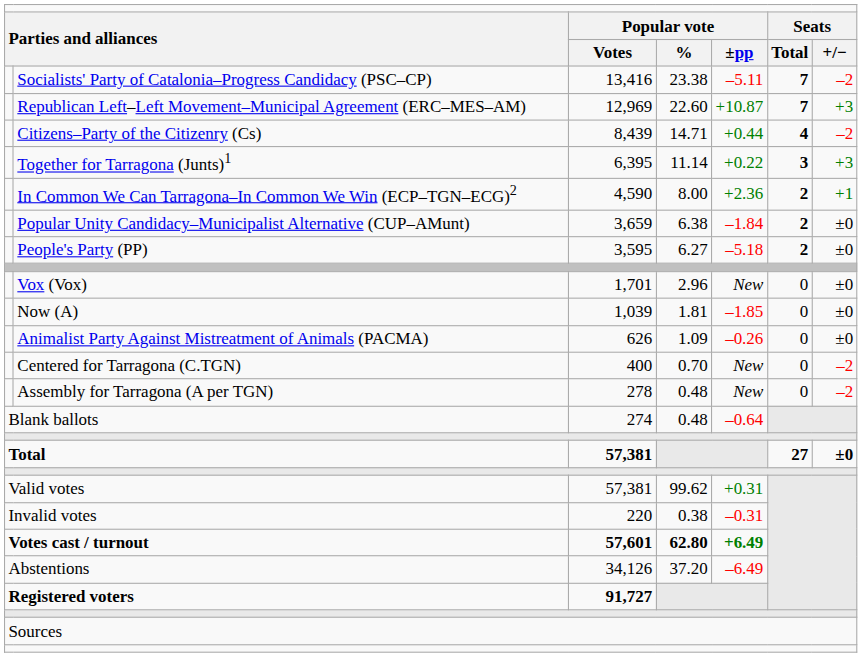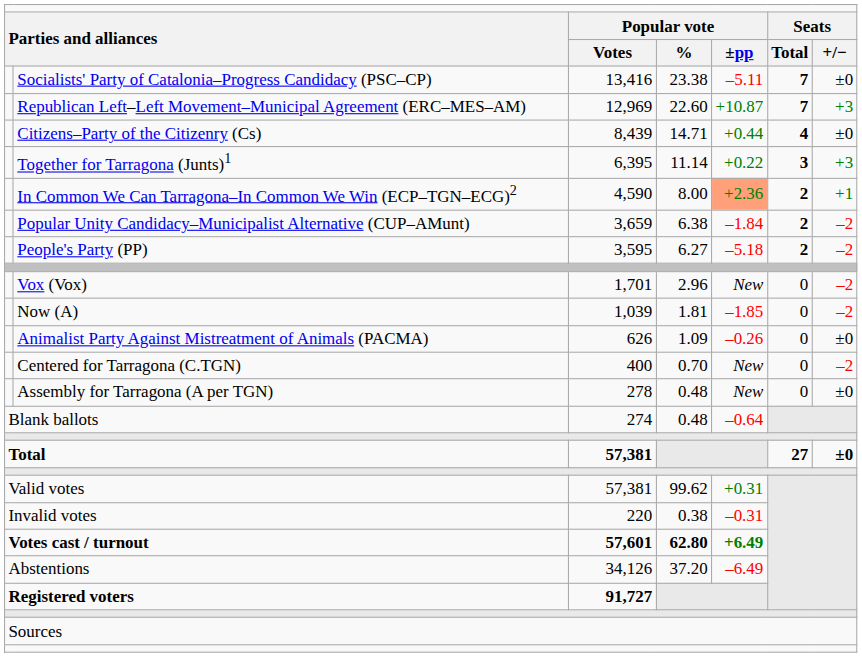 <table class="wikitable" style="text-align:right;">
 <tr>
 <td colspan="7"></td>
 </tr>
 <tr>
 <th style="text-align:left;" rowspan="2" colspan="2" width="525">Parties and alliances</th>
 <th colspan="3">Popular vote</th>
 <th colspan="2">Seats</th>
 </tr>
 <tr>
 <th width="75">Votes</th>
 <th width="45">%</th>
 <th width="45">±<a href='#'>pp</a></th>
 <th width="35">Total</th>
 <th width="35">+/−</th>
 </tr>
 <tr>
 <td width="1" style="color:inherit;background:"></td>
 <td align="left"><a href='#'>Socialists' Party of Catalonia–Progress Candidacy</a> (PSC–CP)</td>
 <td>13,416</td>
 <td>23.38</td>
 <td style="color:red;">–5.11</td>
 <td><strong>7</strong></td>
-<td style="color:red;">–2</td>
+<td>±0</td>
 </tr>
 <tr>
 <td style="color:inherit;background:"></td>
 <td align="left"><a href='#'>Republican Left</a>–<a href='#'>Left Movement–Municipal Agreement</a> (ERC–MES–AM)</td>
 <td>12,969</td>
 <td>22.60</td>
 <td style="color:green;">+10.87</td>
 <td><strong>7</strong></td>
 <td style="color:green;">+3</td>
 </tr>
 <tr>
 <td style="color:inherit;background:"></td>
 <td align="left"><a href='#'>Citizens–Party of the Citizenry</a> (Cs)</td>
 <td>8,439</td>
 <td>14.71</td>
 <td style="color:green;">+0.44</td>
 <td><strong>4</strong></td>
-<td style="color:red;">–2</td>
+<td>±0</td>
 </tr>
 <tr>
 <td style="color:inherit;background:"></td>
 <td align="left"><a href='#'>Together for Tarragona</a> (Junts)<sup>1</sup></td>
 <td>6,395</td>
 <td>11.14</td>
 <td style="color:green;">+0.22</td>
 <td><strong>3</strong></td>
 <td style="color:green;">+3</td>
 </tr>
 <tr>
 <td style="color:inherit;background:"></td>
 <td align="left"><a href='#'>In Common We Can Tarragona–In Common We Win</a> (ECP–TGN–ECG)<sup>2</sup></td>
 <td>4,590</td>
 <td>8.00</td>
-<td style="color:green;">+2.36</td>
+<td style="background: lightsalmon; color:green;">+2.36</td>
 <td><strong>2</strong></td>
 <td style="color:green;">+1</td>
 </tr>
 <tr>
 <td style="color:inherit;background:"></td>
 <td align="left"><a href='#'>Popular Unity Candidacy–Municipalist Alternative</a> (CUP–AMunt)</td>
 <td>3,659</td>
 <td>6.38</td>
 <td style="color:red;">–1.84</td>
 <td><strong>2</strong></td>
-<td>±0</td>
+<td style="color:red;">–2</td>
 </tr>
 <tr>
 <td style="color:inherit;background:"></td>
 <td align="left"><a href='#'>People's Party</a> (PP)</td>
 <td>3,595</td>
 <td>6.27</td>
 <td style="color:red;">–5.18</td>
 <td><strong>2</strong></td>
-<td>±0</td>
+<td style="color:red;">–2</td>
 </tr>
 <tr>
 <td colspan="7" bgcolor="#C0C0C0"></td>
 </tr>
 <tr>
 <td style="color:inherit;background:"></td>
 <td align="left"><a href='#'>Vox</a> (Vox)</td>
 <td>1,701</td>
 <td>2.96</td>
 <td><em>New</em></td>
 <td>0</td>
-<td>±0</td>
+<td style="color:red;">–2</td>
 </tr>
 <tr>
 <td style="color:inherit;background:"></td>
 <td align="left">Now (A)</td>
 <td>1,039</td>
 <td>1.81</td>
 <td style="color:red;">–1.85</td>
 <td>0</td>
-<td>±0</td>
+<td style="color:red;">–2</td>
 </tr>
 <tr>
 <td style="color:inherit;background:"></td>
 <td align="left"><a href='#'>Animalist Party Against Mistreatment of Animals</a> (PACMA)</td>
 <td>626</td>
 <td>1.09</td>
 <td style="color:red;">–0.26</td>
 <td>0</td>
 <td>±0</td>
 </tr>
 <tr>
 <td style="color:inherit;background:"></td>
 <td align="left">Centered for Tarragona (C.TGN)</td>
 <td>400</td>
 <td>0.70</td>
 <td><em>New</em></td>
 <td>0</td>
 <td style="color:red;">–2</td>
 </tr>
 <tr>
 <td style="color:inherit;background:"></td>
 <td align="left">Assembly for Tarragona (A per TGN)</td>
 <td>278</td>
 <td>0.48</td>
 <td><em>New</em></td>
 <td>0</td>
-<td style="color:red;">–2</td>
+<td>±0</td>
 </tr>
 <tr>
 <td align="left" colspan="2">Blank ballots</td>
 <td>274</td>
 <td>0.48</td>
 <td style="color:red;">–0.64</td>
 <td bgcolor="#E9E9E9" colspan="2"></td>
 </tr>
 <tr>
 <td colspan="7" bgcolor="#E9E9E9"></td>
 </tr>
 <tr style="font-weight:bold;">
 <td align="left" colspan="2">Total</td>
 <td>57,381</td>
 <td bgcolor="#E9E9E9" colspan="2"></td>
 <td>27</td>
 <td>±0</td>
 </tr>
 <tr>
 <td colspan="7" bgcolor="#E9E9E9"></td>
 </tr>
 <tr>
 <td align="left" colspan="2">Valid votes</td>
 <td>57,381</td>
 <td>99.62</td>
 <td style="color:green;">+0.31</td>
 <td bgcolor="#E9E9E9" colspan="2" rowspan="5"></td>
 </tr>
 <tr>
 <td align="left" colspan="2">Invalid votes</td>
 <td>220</td>
 <td>0.38</td>
 <td style="color:red;">–0.31</td>
 </tr>
 <tr style="font-weight:bold;">
 <td align="left" colspan="2">Votes cast / turnout</td>
 <td>57,601</td>
 <td>62.80</td>
 <td style="color:green;">+6.49</td>
 </tr>
 <tr>
 <td align="left" colspan="2">Abstentions</td>
 <td>34,126</td>
 <td>37.20</td>
 <td style="color:red;">–6.49</td>
 </tr>
 <tr style="font-weight:bold;">
 <td align="left" colspan="2">Registered voters</td>
 <td>91,727</td>
 <td bgcolor="#E9E9E9" colspan="2"></td>
 </tr>
 <tr>
 <td colspan="7" bgcolor="#E9E9E9"></td>
 </tr>
 <tr>
 <td align="left" colspan="7">Sources</td>
 </tr>
 <tr>
 <td colspan="7" style="text-align:left; max-width:790px;"></td>
 </tr>
 </table>
